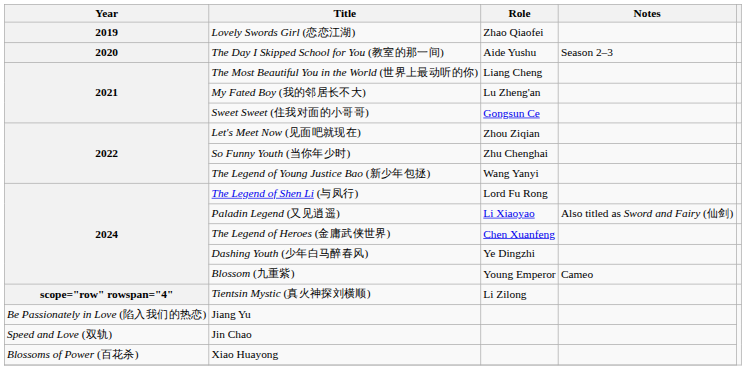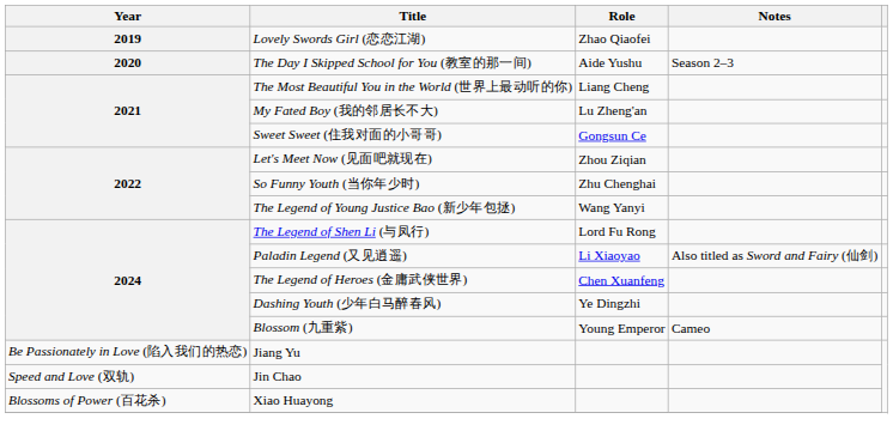 <table class="wikitable sortable plainrowheaders">
 <tr>
 <th scope="col">Year</th>
 <th scope="col">Title</th>
 <th scope="col">Role</th>
 <th scope="col">Notes</th>
 <th scope="col" class="unsortable"></th>
 </tr>
 <tr>
 <th scope="row">2019</th>
 <td><em>Lovely Swords Girl</em> (恋恋江湖)</td>
 <td>Zhao Qiaofei</td>
 <td></td>
 <td></td>
 </tr>
 <tr>
 <th scope="row">2020</th>
 <td><em>The Day I Skipped School for You</em> (教室的那一间)</td>
 <td>Aide Yushu</td>
 <td>Season 2–3</td>
 <td></td>
 </tr>
 <tr>
 <th scope="row" rowspan="3">2021</th>
 <td><em>The Most Beautiful You in the World</em> (世界上最动听的你)</td>
 <td>Liang Cheng</td>
 <td></td>
 <td></td>
 </tr>
 <tr>
 <td><em>My Fated Boy</em> (我的邻居长不大)</td>
 <td>Lu Zheng'an</td>
 <td></td>
 <td></td>
 </tr>
 <tr>
 <td><em>Sweet Sweet</em> (住我对面的小哥哥)</td>
 <td><a href='#'>Gongsun Ce</a></td>
 <td></td>
 <td></td>
 </tr>
 <tr>
 <th scope="row" rowspan="3">2022</th>
 <td><em>Let's Meet Now</em> (见面吧就现在)</td>
 <td>Zhou Ziqian</td>
 <td></td>
 <td></td>
 </tr>
 <tr>
 <td><em>So Funny Youth</em> (当你年少时)</td>
 <td>Zhu Chenghai</td>
 <td></td>
 <td></td>
 </tr>
 <tr>
 <td><em>The Legend of Young Justice Bao</em> (新少年包拯)</td>
 <td>Wang Yanyi</td>
 <td></td>
 <td></td>
 </tr>
 <tr>
 <th scope="row" rowspan="5">2024</th>
 <td><em><a href='#'>The Legend of Shen Li</a></em> (与凤行)</td>
 <td>Lord Fu Rong</td>
 <td></td>
 <td></td>
 </tr>
 <tr>
 <td><em>Paladin Legend</em> (又见逍遥)</td>
 <td><a href='#'>Li Xiaoyao</a></td>
 <td>Also titled as <em>Sword and Fairy</em> (仙剑)</td>
 <td></td>
 </tr>
 <tr>
 <td><em>The Legend of Heroes</em> (金庸武侠世界)</td>
 <td><a href='#'>Chen Xuanfeng</a></td>
 <td></td>
 <td></td>
 </tr>
 <tr>
 <td><em>Dashing Youth</em> (少年白马醉春风)</td>
 <td>Ye Dingzhi</td>
 <td></td>
 <td></td>
 </tr>
 <tr>
 <td><em>Blossom</em> (九重紫)</td>
 <td>Young Emperor</td>
 <td>Cameo</td>
 <td></td>
 </tr>
 <tr>
-<th>scope="row" rowspan="4" </th>
-<td><em>Tientsin Mystic</em> (真火神探刘横顺)</td>
-<td>Li Zilong</td>
-<td></td>
-<td></td>
-</tr>
-<tr>
 <td><em>Be Passionately in Love</em> (陷入我们的热恋)</td>
 <td>Jiang Yu</td>
 <td></td>
 <td></td>
 </tr>
 <tr>
 <td><em>Speed and Love</em> (双轨)</td>
 <td>Jin Chao</td>
 <td></td>
 <td></td>
 </tr>
 <tr>
 <td><em>Blossoms of Power</em> (百花杀)</td>
 <td>Xiao Huayong</td>
 <td></td>
 <td></td>
 </tr>
 <tr>
 </tr>
 </table>
